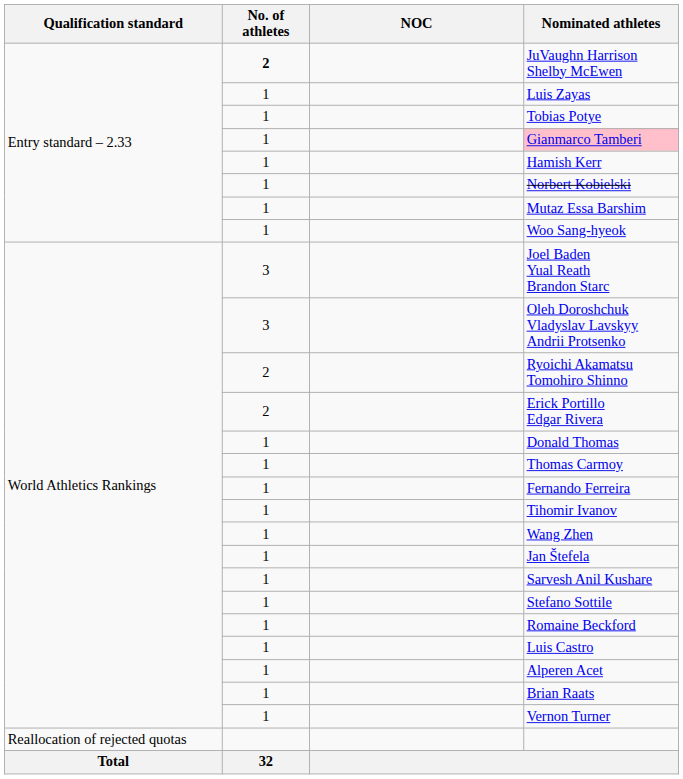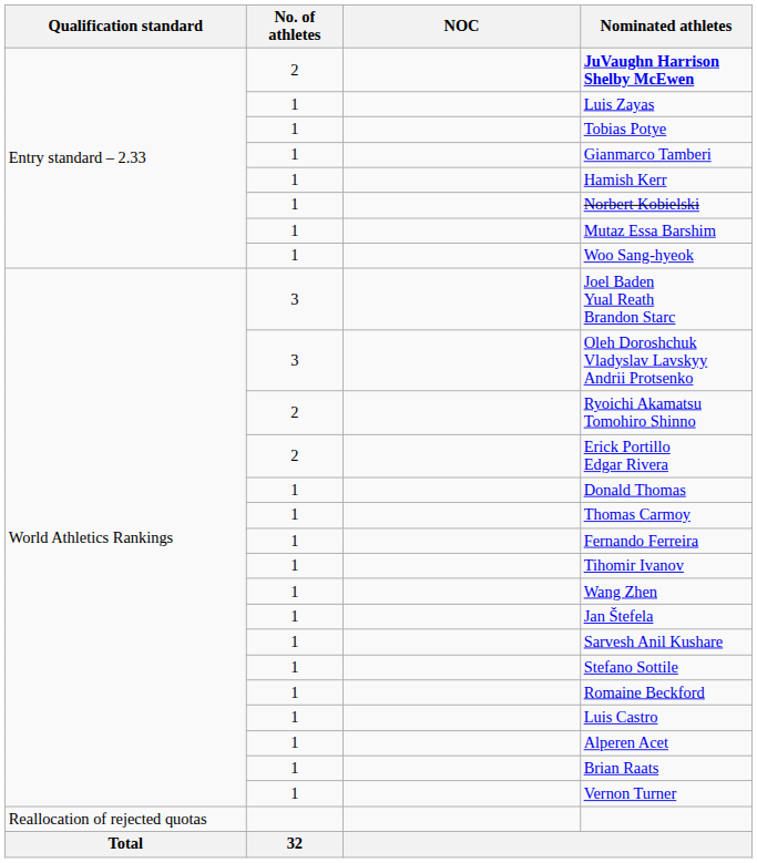 <table class="wikitable sortable" style="text-align:left; width:750px;">
 <tr>
 <th>Qualification standard</th>
 <th width=90>No. of athletes</th>
 <th width=230>NOC</th>
 <th>Nominated athletes</th>
 </tr>
 <tr>
 <td rowspan=8>Entry standard – 2.33</td>
-<td align=center><strong>2</strong></td>
+<td align=center>2</td>
 <td></td>
-<td><a href='#'>JuVaughn Harrison</a><br><a href='#'>Shelby McEwen</a></td>
+<td><strong><a href='#'>JuVaughn Harrison</a><br><a href='#'>Shelby McEwen</a></strong></td>
 </tr>
 <tr>
 <td align=center>1</td>
 <td></td>
 <td><a href='#'>Luis Zayas</a></td>
 </tr>
 <tr>
 <td align=center>1</td>
 <td></td>
 <td><a href='#'>Tobias Potye</a></td>
 </tr>
 <tr>
 <td align=center>1</td>
 <td></td>
-<td style="background: pink;"><a href='#'>Gianmarco Tamberi</a></td>
+<td><a href='#'>Gianmarco Tamberi</a></td>
 </tr>
 <tr>
 <td align=center>1</td>
 <td></td>
 <td><a href='#'>Hamish Kerr</a></td>
 </tr>
 <tr>
 <td align=center>1</td>
 <td></td>
 <td><s><a href='#'>Norbert Kobielski</a></s></td>
 </tr>
 <tr>
 <td align=center>1</td>
 <td></td>
 <td><a href='#'>Mutaz Essa Barshim</a></td>
 </tr>
 <tr>
 <td align=center>1</td>
 <td></td>
 <td><a href='#'>Woo Sang-hyeok</a></td>
 </tr>
 <tr>
 <td rowspan="17">World Athletics Rankings</td>
 <td align=center>3</td>
 <td></td>
 <td><a href='#'>Joel Baden</a><br><a href='#'>Yual Reath</a><br><a href='#'>Brandon Starc</a></td>
 </tr>
 <tr>
 <td align=center>3</td>
 <td></td>
 <td><a href='#'>Oleh Doroshchuk</a><br><a href='#'>Vladyslav Lavskyy</a><br><a href='#'>Andrii Protsenko</a></td>
 </tr>
 <tr>
 <td align=center>2</td>
 <td></td>
 <td><a href='#'>Ryoichi Akamatsu</a><br><a href='#'>Tomohiro Shinno</a></td>
 </tr>
 <tr>
 <td align=center>2</td>
 <td></td>
 <td><a href='#'>Erick Portillo</a><br><a href='#'>Edgar Rivera</a></td>
 </tr>
 <tr>
 <td align=center>1</td>
 <td></td>
 <td><a href='#'>Donald Thomas</a></td>
 </tr>
 <tr>
 <td align=center>1</td>
 <td rowspan="1"></td>
 <td><a href='#'>Thomas Carmoy</a></td>
 </tr>
 <tr>
 <td align=center>1</td>
 <td></td>
 <td><a href='#'>Fernando Ferreira</a></td>
 </tr>
 <tr>
 <td align=center>1</td>
 <td></td>
 <td><a href='#'>Tihomir Ivanov</a></td>
 </tr>
 <tr>
 <td align=center>1</td>
 <td></td>
 <td><a href='#'>Wang Zhen</a></td>
 </tr>
 <tr>
 <td align=center>1</td>
 <td></td>
 <td><a href='#'>Jan Štefela</a></td>
 </tr>
 <tr>
 <td align=center>1</td>
 <td></td>
 <td><a href='#'>Sarvesh Anil Kushare</a></td>
 </tr>
 <tr>
 <td align=center>1</td>
 <td></td>
 <td><a href='#'>Stefano Sottile</a></td>
 </tr>
 <tr>
 <td align=center>1</td>
 <td></td>
 <td><a href='#'>Romaine Beckford</a></td>
 </tr>
 <tr>
 <td align=center>1</td>
 <td></td>
 <td><a href='#'>Luis Castro</a></td>
 </tr>
 <tr>
 <td align=center>1</td>
 <td></td>
 <td><a href='#'>Alperen Acet</a></td>
 </tr>
 <tr>
 <td align=center>1</td>
 <td></td>
 <td><a href='#'>Brian Raats</a></td>
 </tr>
 <tr>
 <td align=center>1</td>
 <td></td>
 <td><a href='#'>Vernon Turner</a></td>
 </tr>
 <tr>
 <td>Reallocation of rejected quotas</td>
 <td align=center></td>
 <td></td>
 <td></td>
 </tr>
 <tr>
 <th>Total</th>
 <th>32</th>
 <th colspan=2></th>
 </tr>
 </table>
